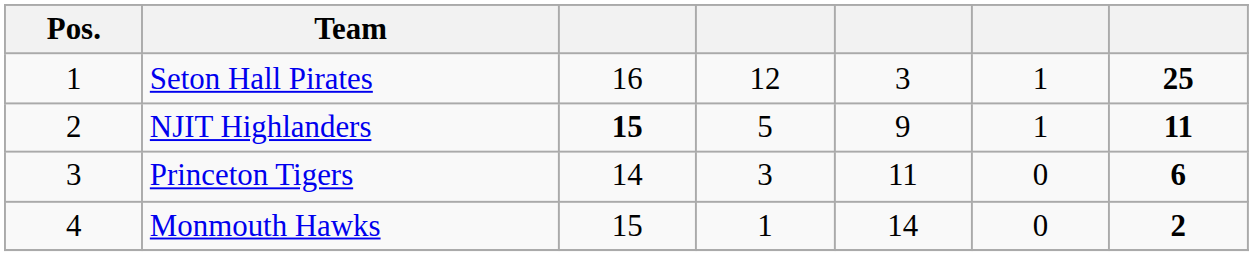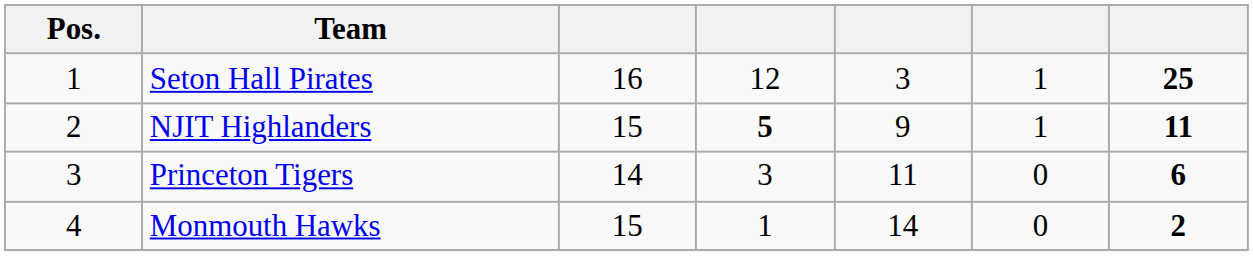 <table class="wikitable sortable">
 <tr>
 <th style="width: 4em;">Pos.</th>
 <th style="width: 13em;">Team</th>
 <th style="width: 4em;"></th>
 <th style="width: 4em;"></th>
 <th style="width: 4em;"></th>
 <th style="width: 4em;"></th>
 <th style="width: 4em;"></th>
 </tr>
 <tr style="text-align:center;">
 <td style="text-align:center;">1</td>
 <td style="text-align:left;"><a href='#'>Seton Hall Pirates</a></td>
 <td>16</td>
 <td>12</td>
 <td>3</td>
 <td>1</td>
 <td><strong>25</strong></td>
 </tr>
 <tr style="text-align:center;">
 <td style="text-align:center;">2</td>
 <td style="text-align:left;"><a href='#'>NJIT Highlanders</a></td>
-<td><strong>15</strong></td>
-<td>5</td>
+<td>15</td>
+<td><strong>5</strong></td>
 <td>9</td>
 <td>1</td>
 <td><strong>11</strong></td>
 </tr>
 <tr style="text-align:center;">
 <td style="text-align:center;">3</td>
 <td style="text-align:left;"><a href='#'>Princeton Tigers</a></td>
 <td>14</td>
 <td>3</td>
 <td>11</td>
 <td>0</td>
 <td><strong>6</strong></td>
 </tr>
 <tr style="text-align:center;">
 <td style="text-align:center;">4</td>
 <td style="text-align:left;"><a href='#'>Monmouth Hawks</a></td>
 <td>15</td>
 <td>1</td>
 <td>14</td>
 <td>0</td>
 <td><strong>2</strong></td>
 </tr>
 <tr style="text-align:center;">
 </tr>
 </table>
